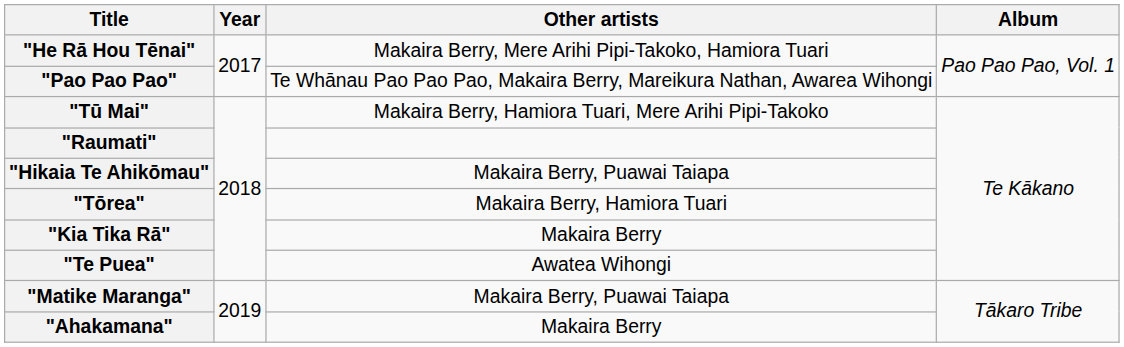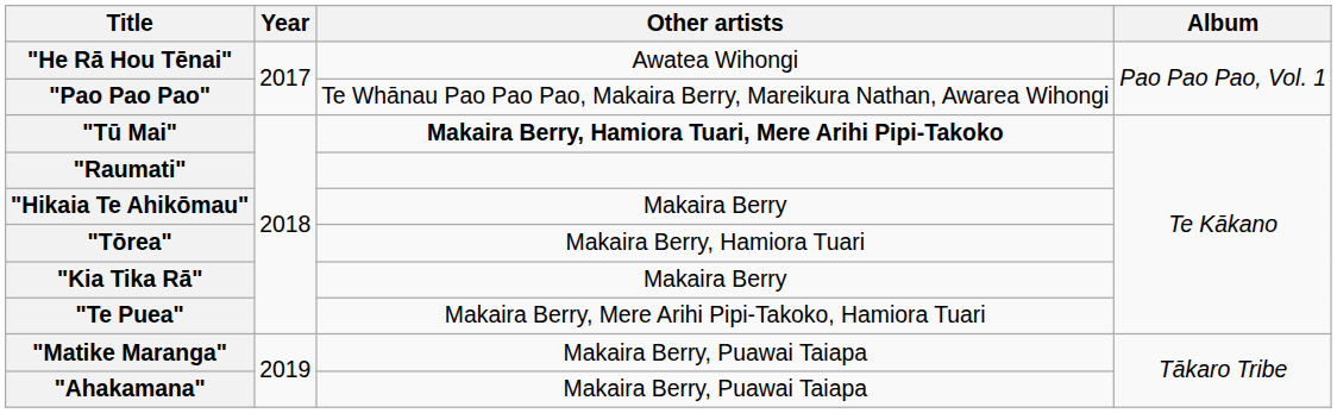 <table class="wikitable sortable plainrowheaders" style="text-align: center;">
 <tr>
 <th scope="col">Title</th>
 <th scope="col">Year</th>
 <th scope="col">Other artists</th>
 <th scope="col">Album</th>
 </tr>
 <tr>
 <th scope="row">"He Rā Hou Tēnai"</th>
 <td rowspan="2">2017</td>
-<td>Makaira Berry, Mere Arihi Pipi-Takoko, Hamiora Tuari</td>
+<td>Awatea Wihongi</td>
 <td rowspan="2"><em>Pao Pao Pao, Vol. 1</em></td>
 </tr>
 <tr>
 <th scope="row">"Pao Pao Pao"</th>
 <td>Te Whānau Pao Pao Pao, Makaira Berry, Mareikura Nathan, Awarea Wihongi</td>
 </tr>
 <tr>
 <th scope="row">"Tū Mai"</th>
 <td rowspan="6">2018</td>
-<td>Makaira Berry, Hamiora Tuari, Mere Arihi Pipi-Takoko</td>
+<td><strong>Makaira Berry, Hamiora Tuari, Mere Arihi Pipi-Takoko</strong></td>
 <td rowspan="6"><em>Te Kākano</em></td>
 </tr>
 <tr>
 <th scope="row">"Raumati"</th>
 <td></td>
 </tr>
 <tr>
 <th scope="row">"Hikaia Te Ahikōmau"</th>
-<td>Makaira Berry, Puawai Taiapa</td>
+<td>Makaira Berry</td>
 </tr>
 <tr>
 <th scope="row">"Tōrea"</th>
 <td>Makaira Berry, Hamiora Tuari</td>
 </tr>
 <tr>
 <th scope="row">"Kia Tika Rā"</th>
 <td>Makaira Berry</td>
 </tr>
 <tr>
 <th scope="row">"Te Puea"</th>
-<td>Awatea Wihongi</td>
+<td>Makaira Berry, Mere Arihi Pipi-Takoko, Hamiora Tuari</td>
 </tr>
 <tr>
 <th scope="row">"Matike Maranga"</th>
 <td rowspan="2">2019</td>
 <td>Makaira Berry, Puawai Taiapa</td>
 <td rowspan="2"><em>Tākaro Tribe</em></td>
 </tr>
 <tr>
 <th scope="row">"Ahakamana"</th>
-<td>Makaira Berry</td>
+<td>Makaira Berry, Puawai Taiapa</td>
 </tr>
 </table>
